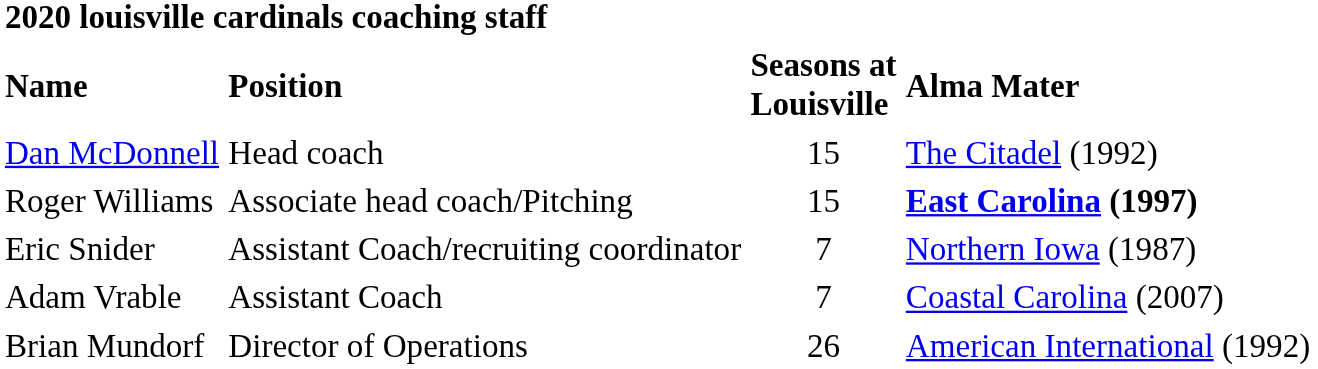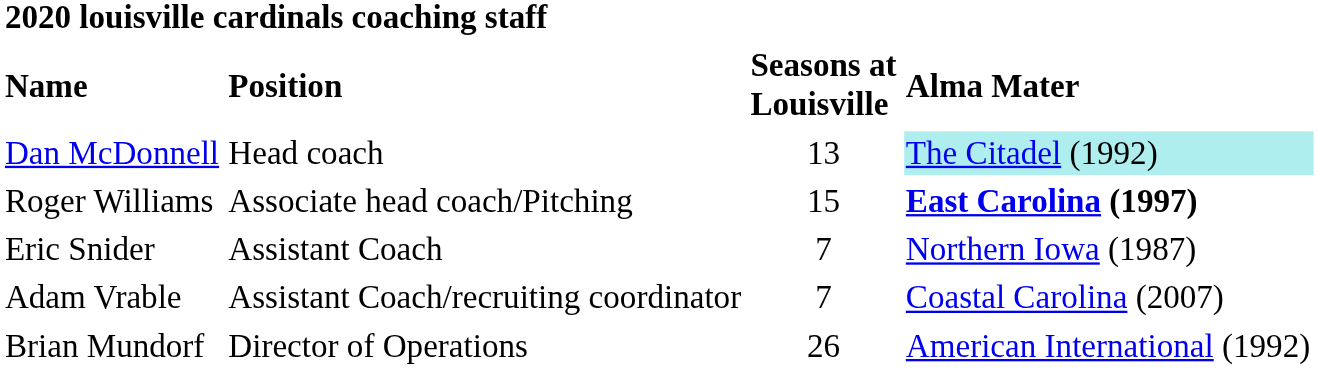 <table class="toccolours" style="text-align: left; font-size:90%;">
 <tr>
 <th colspan="9">2020 louisville cardinals coaching staff</th>
 </tr>
 <tr>
 <th>Name</th>
 <th>Position</th>
 <th>Seasons at<br>Louisville</th>
 <th>Alma Mater</th>
 </tr>
 <tr>
 <td><a href='#'>Dan McDonnell</a></td>
 <td>Head coach</td>
-<td align=center>15</td>
-<td><a href='#'>The Citadel</a> (1992)</td>
+<td align=center>13</td>
+<td style="background: paleturquoise;"><a href='#'>The Citadel</a> (1992)</td>
 </tr>
 <tr>
 <td>Roger Williams</td>
 <td>Associate head coach/Pitching</td>
 <td align=center>15</td>
 <td><strong><a href='#'>East Carolina</a> (1997)</strong></td>
 </tr>
 <tr>
 <td>Eric Snider</td>
-<td>Assistant Coach/recruiting coordinator</td>
+<td>Assistant Coach</td>
 <td align=center>7</td>
 <td><a href='#'>Northern Iowa</a> (1987)</td>
 </tr>
 <tr>
 <td>Adam Vrable</td>
-<td>Assistant Coach</td>
+<td>Assistant Coach/recruiting coordinator</td>
 <td align=center>7</td>
 <td><a href='#'>Coastal Carolina</a> (2007)</td>
 </tr>
 <tr>
 <td>Brian Mundorf</td>
 <td>Director of Operations</td>
 <td align=center>26</td>
 <td><a href='#'>American International</a> (1992)</td>
 </tr>
 </table>
